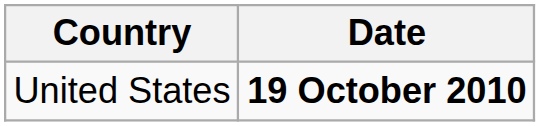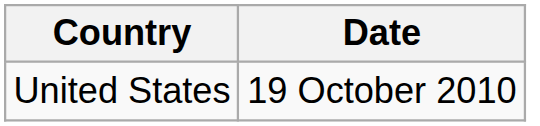 <table class="wikitable">
 <tr>
 <th>Country</th>
 <th>Date</th>
 </tr>
 <tr>
 <td>United States</td>
-<td><strong>19 October 2010</strong></td>
+<td>19 October 2010</td>
 </tr>
 </table>
